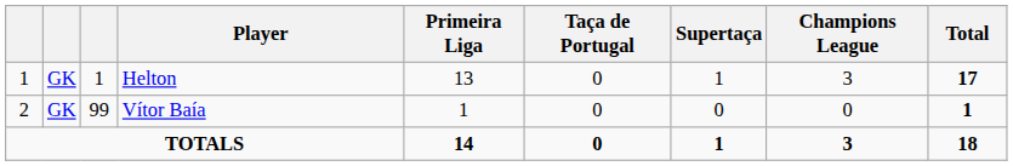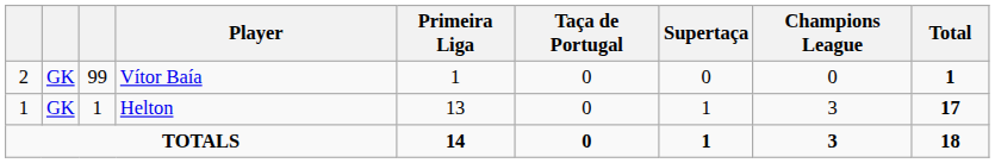 <table class="wikitable" style="font-size: 90%; text-align: center;">
 <tr>
 <th width=20></th>
 <th width=20></th>
 <th width=20></th>
 <th width=200>Player</th>
 <th width=80>Primeira Liga</th>
 <th width=100>Taça de Portugal</th>
 <th width=50>Supertaça</th>
 <th width=110>Champions League</th>
 <th width=50><strong>Total</strong></th>
 </tr>
 <tr>
+<td>2</td>
+<td><a href='#'>GK</a></td>
+<td>99</td>
+<td align=left> <a href='#'>Vítor Baía</a></td>
+<td>1</td>
+<td>0</td>
+<td>0</td>
+<td>0</td>
+<td><strong>1</strong></td>
+</tr>
+<tr>
 <td>1</td>
 <td><a href='#'>GK</a></td>
 <td>1</td>
 <td align=left> <a href='#'>Helton</a></td>
 <td>13</td>
 <td>0</td>
 <td>1</td>
 <td>3</td>
 <td><strong>17</strong></td>
 </tr>
 <tr>
-<td>2</td>
-<td><a href='#'>GK</a></td>
-<td>99</td>
-<td align=left> <a href='#'>Vítor Baía</a></td>
-<td>1</td>
-<td>0</td>
-<td>0</td>
-<td>0</td>
-<td><strong>1</strong></td>
-</tr>
-<tr>
 <td colspan="4"><strong>TOTALS</strong></td>
 <td><strong>14</strong></td>
 <td><strong>0</strong></td>
 <td><strong>1</strong></td>
 <td><strong>3</strong></td>
 <td><strong>18</strong></td>
 </tr>
 </table>
